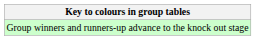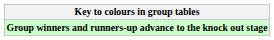 <table class="wikitable">
 <tr>
 <th>Key to colours in group tables</th>
 </tr>
 <tr bgcolor=#ccffcc>
-<td>Group winners and runners-up advance to the knock out stage</td>
+<td><strong>Group winners and runners-up advance to the knock out stage</strong></td>
 </tr>
 </table>
